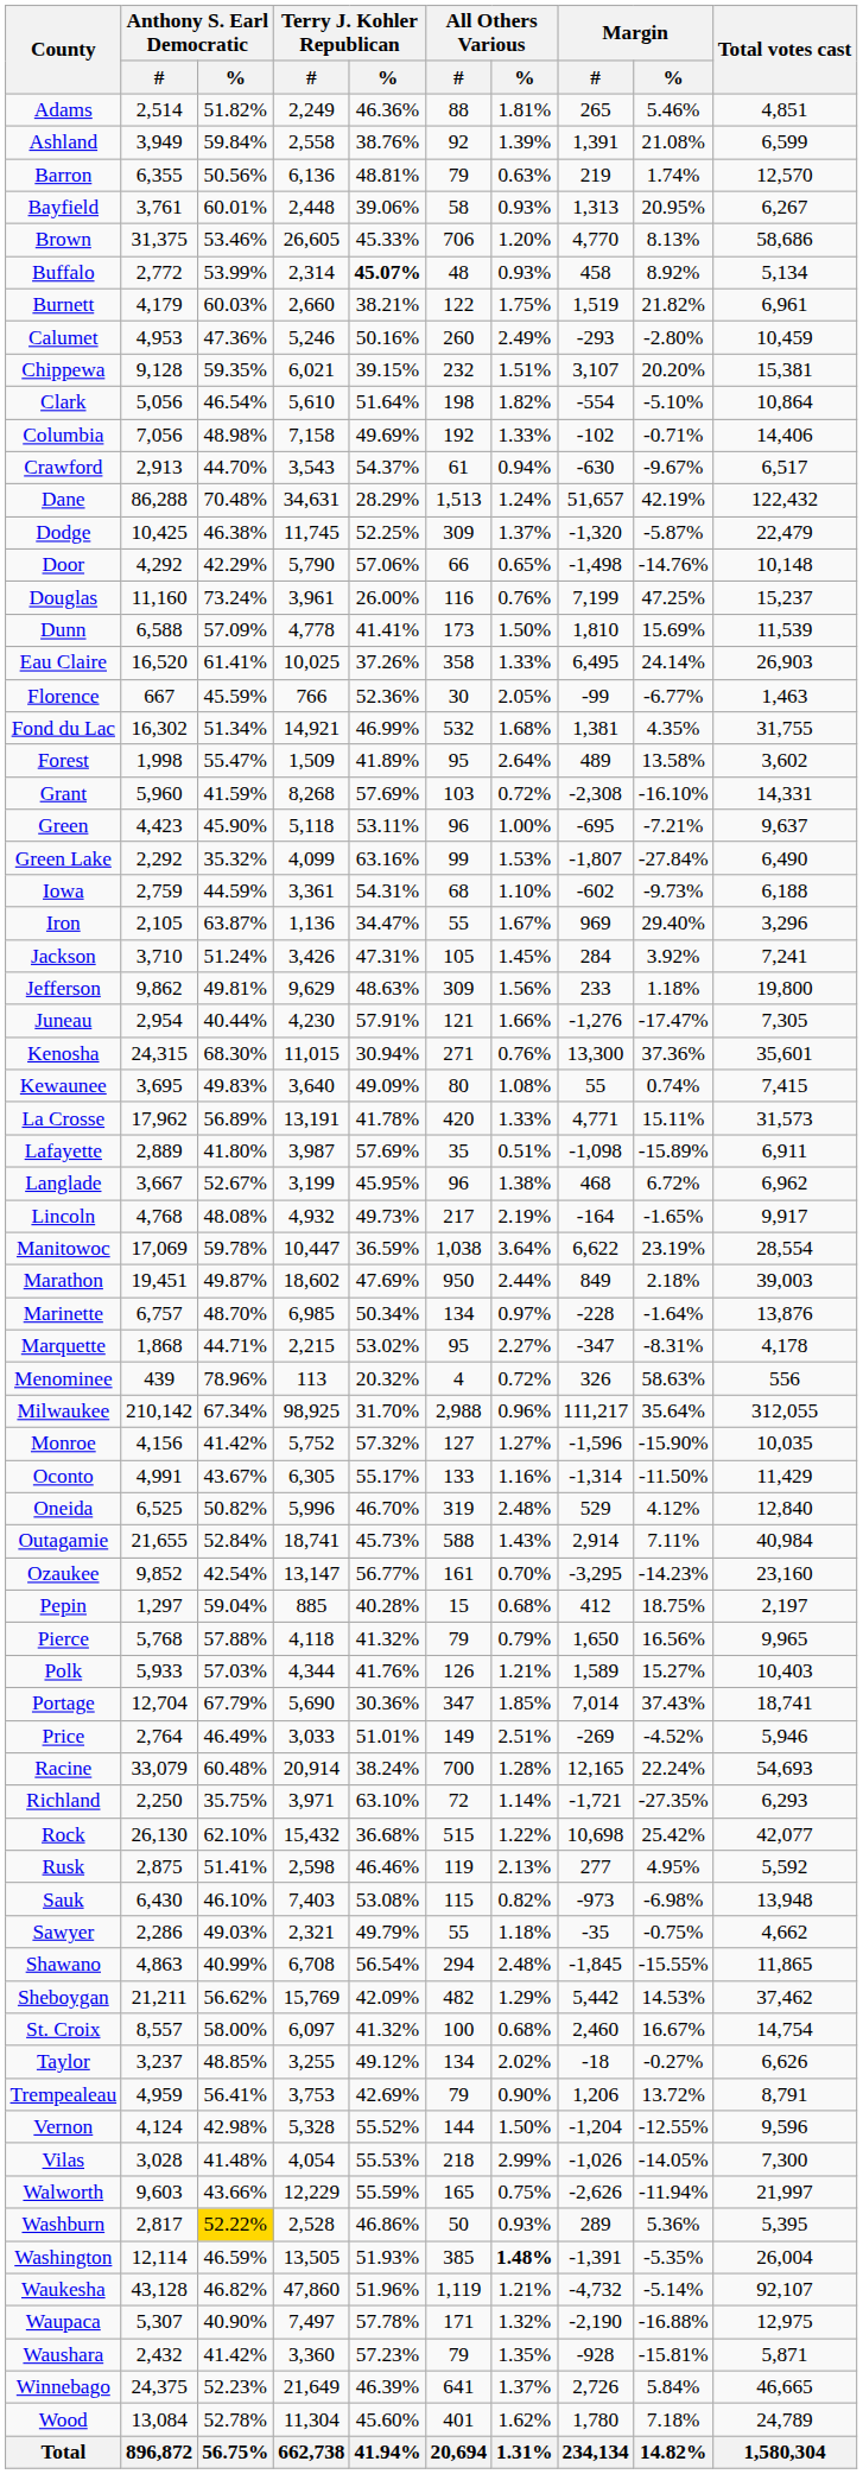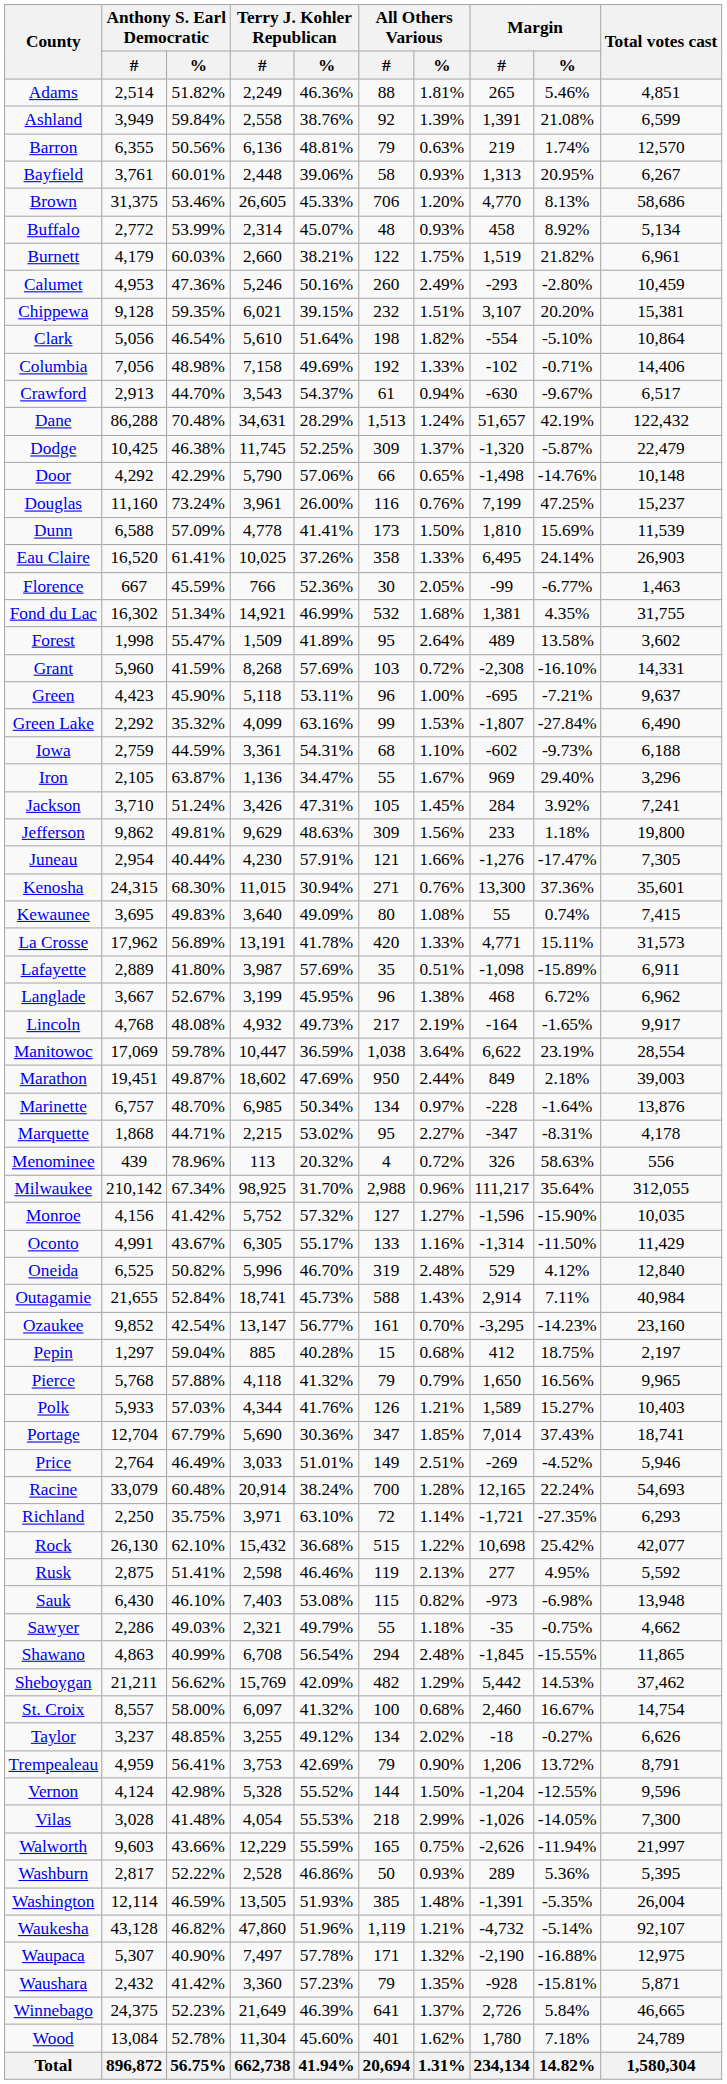 <table class="wikitable sortable" style="text-align:center">
 <tr>
 <th rowspan="2" style="text-align:center;">County</th>
 <th colspan="2" style="text-align:center;">Anthony S. Earl<br>Democratic</th>
 <th colspan="2" style="text-align:center;">Terry J. Kohler<br>Republican</th>
 <th colspan="2" style="text-align:center;">All Others<br>Various</th>
 <th colspan="2" style="text-align:center;">Margin</th>
 <th rowspan="2" style="text-align:center;">Total votes cast</th>
 </tr>
 <tr>
 <th style="text-align:center;" data-sort-type="number">#</th>
 <th style="text-align:center;" data-sort-type="number">%</th>
 <th style="text-align:center;" data-sort-type="number">#</th>
 <th style="text-align:center;" data-sort-type="number">%</th>
 <th style="text-align:center;" data-sort-type="number">#</th>
 <th style="text-align:center;" data-sort-type="number">%</th>
 <th style="text-align:center;" data-sort-type="number">#</th>
 <th style="text-align:center;" data-sort-type="number">%</th>
 </tr>
 <tr style="text-align:center;">
 <td><a href='#'>Adams</a></td>
 <td>2,514</td>
 <td>51.82%</td>
 <td>2,249</td>
 <td>46.36%</td>
 <td>88</td>
 <td>1.81%</td>
 <td>265</td>
 <td>5.46%</td>
 <td>4,851</td>
 </tr>
 <tr style="text-align:center;">
 <td><a href='#'>Ashland</a></td>
 <td>3,949</td>
 <td>59.84%</td>
 <td>2,558</td>
 <td>38.76%</td>
 <td>92</td>
 <td>1.39%</td>
 <td>1,391</td>
 <td>21.08%</td>
 <td>6,599</td>
 </tr>
 <tr style="text-align:center;">
 <td><a href='#'>Barron</a></td>
 <td>6,355</td>
 <td>50.56%</td>
 <td>6,136</td>
 <td>48.81%</td>
 <td>79</td>
 <td>0.63%</td>
 <td>219</td>
 <td>1.74%</td>
 <td>12,570</td>
 </tr>
 <tr style="text-align:center;">
 <td><a href='#'>Bayfield</a></td>
 <td>3,761</td>
 <td>60.01%</td>
 <td>2,448</td>
 <td>39.06%</td>
 <td>58</td>
 <td>0.93%</td>
 <td>1,313</td>
 <td>20.95%</td>
 <td>6,267</td>
 </tr>
 <tr style="text-align:center;">
 <td><a href='#'>Brown</a></td>
 <td>31,375</td>
 <td>53.46%</td>
 <td>26,605</td>
 <td>45.33%</td>
 <td>706</td>
 <td>1.20%</td>
 <td>4,770</td>
 <td>8.13%</td>
 <td>58,686</td>
 </tr>
 <tr style="text-align:center;">
 <td><a href='#'>Buffalo</a></td>
 <td>2,772</td>
 <td>53.99%</td>
 <td>2,314</td>
-<td><strong>45.07%</strong></td>
+<td>45.07%</td>
 <td>48</td>
 <td>0.93%</td>
 <td>458</td>
 <td>8.92%</td>
 <td>5,134</td>
 </tr>
 <tr style="text-align:center;">
 <td><a href='#'>Burnett</a></td>
 <td>4,179</td>
 <td>60.03%</td>
 <td>2,660</td>
 <td>38.21%</td>
 <td>122</td>
 <td>1.75%</td>
 <td>1,519</td>
 <td>21.82%</td>
 <td>6,961</td>
 </tr>
 <tr style="text-align:center;">
 <td><a href='#'>Calumet</a></td>
 <td>4,953</td>
 <td>47.36%</td>
 <td>5,246</td>
 <td>50.16%</td>
 <td>260</td>
 <td>2.49%</td>
 <td>-293</td>
 <td>-2.80%</td>
 <td>10,459</td>
 </tr>
 <tr style="text-align:center;">
 <td><a href='#'>Chippewa</a></td>
 <td>9,128</td>
 <td>59.35%</td>
 <td>6,021</td>
 <td>39.15%</td>
 <td>232</td>
 <td>1.51%</td>
 <td>3,107</td>
 <td>20.20%</td>
 <td>15,381</td>
 </tr>
 <tr style="text-align:center;">
 <td><a href='#'>Clark</a></td>
 <td>5,056</td>
 <td>46.54%</td>
 <td>5,610</td>
 <td>51.64%</td>
 <td>198</td>
 <td>1.82%</td>
 <td>-554</td>
 <td>-5.10%</td>
 <td>10,864</td>
 </tr>
 <tr style="text-align:center;">
 <td><a href='#'>Columbia</a></td>
 <td>7,056</td>
 <td>48.98%</td>
 <td>7,158</td>
 <td>49.69%</td>
 <td>192</td>
 <td>1.33%</td>
 <td>-102</td>
 <td>-0.71%</td>
 <td>14,406</td>
 </tr>
 <tr style="text-align:center;">
 <td><a href='#'>Crawford</a></td>
 <td>2,913</td>
 <td>44.70%</td>
 <td>3,543</td>
 <td>54.37%</td>
 <td>61</td>
 <td>0.94%</td>
 <td>-630</td>
 <td>-9.67%</td>
 <td>6,517</td>
 </tr>
 <tr style="text-align:center;">
 <td><a href='#'>Dane</a></td>
 <td>86,288</td>
 <td>70.48%</td>
 <td>34,631</td>
 <td>28.29%</td>
 <td>1,513</td>
 <td>1.24%</td>
 <td>51,657</td>
 <td>42.19%</td>
 <td>122,432</td>
 </tr>
 <tr style="text-align:center;">
 <td><a href='#'>Dodge</a></td>
 <td>10,425</td>
 <td>46.38%</td>
 <td>11,745</td>
 <td>52.25%</td>
 <td>309</td>
 <td>1.37%</td>
 <td>-1,320</td>
 <td>-5.87%</td>
 <td>22,479</td>
 </tr>
 <tr style="text-align:center;">
 <td><a href='#'>Door</a></td>
 <td>4,292</td>
 <td>42.29%</td>
 <td>5,790</td>
 <td>57.06%</td>
 <td>66</td>
 <td>0.65%</td>
 <td>-1,498</td>
 <td>-14.76%</td>
 <td>10,148</td>
 </tr>
 <tr style="text-align:center;">
 <td><a href='#'>Douglas</a></td>
 <td>11,160</td>
 <td>73.24%</td>
 <td>3,961</td>
 <td>26.00%</td>
 <td>116</td>
 <td>0.76%</td>
 <td>7,199</td>
 <td>47.25%</td>
 <td>15,237</td>
 </tr>
 <tr style="text-align:center;">
 <td><a href='#'>Dunn</a></td>
 <td>6,588</td>
 <td>57.09%</td>
 <td>4,778</td>
 <td>41.41%</td>
 <td>173</td>
 <td>1.50%</td>
 <td>1,810</td>
 <td>15.69%</td>
 <td>11,539</td>
 </tr>
 <tr style="text-align:center;">
 <td><a href='#'>Eau Claire</a></td>
 <td>16,520</td>
 <td>61.41%</td>
 <td>10,025</td>
 <td>37.26%</td>
 <td>358</td>
 <td>1.33%</td>
 <td>6,495</td>
 <td>24.14%</td>
 <td>26,903</td>
 </tr>
 <tr style="text-align:center;">
 <td><a href='#'>Florence</a></td>
 <td>667</td>
 <td>45.59%</td>
 <td>766</td>
 <td>52.36%</td>
 <td>30</td>
 <td>2.05%</td>
 <td>-99</td>
 <td>-6.77%</td>
 <td>1,463</td>
 </tr>
 <tr style="text-align:center;">
 <td><a href='#'>Fond du Lac</a></td>
 <td>16,302</td>
 <td>51.34%</td>
 <td>14,921</td>
 <td>46.99%</td>
 <td>532</td>
 <td>1.68%</td>
 <td>1,381</td>
 <td>4.35%</td>
 <td>31,755</td>
 </tr>
 <tr style="text-align:center;">
 <td><a href='#'>Forest</a></td>
 <td>1,998</td>
 <td>55.47%</td>
 <td>1,509</td>
 <td>41.89%</td>
 <td>95</td>
 <td>2.64%</td>
 <td>489</td>
 <td>13.58%</td>
 <td>3,602</td>
 </tr>
 <tr style="text-align:center;">
 <td><a href='#'>Grant</a></td>
 <td>5,960</td>
 <td>41.59%</td>
 <td>8,268</td>
 <td>57.69%</td>
 <td>103</td>
 <td>0.72%</td>
 <td>-2,308</td>
 <td>-16.10%</td>
 <td>14,331</td>
 </tr>
 <tr style="text-align:center;">
 <td><a href='#'>Green</a></td>
 <td>4,423</td>
 <td>45.90%</td>
 <td>5,118</td>
 <td>53.11%</td>
 <td>96</td>
 <td>1.00%</td>
 <td>-695</td>
 <td>-7.21%</td>
 <td>9,637</td>
 </tr>
 <tr style="text-align:center;">
 <td><a href='#'>Green Lake</a></td>
 <td>2,292</td>
 <td>35.32%</td>
 <td>4,099</td>
 <td>63.16%</td>
 <td>99</td>
 <td>1.53%</td>
 <td>-1,807</td>
 <td>-27.84%</td>
 <td>6,490</td>
 </tr>
 <tr style="text-align:center;">
 <td><a href='#'>Iowa</a></td>
 <td>2,759</td>
 <td>44.59%</td>
 <td>3,361</td>
 <td>54.31%</td>
 <td>68</td>
 <td>1.10%</td>
 <td>-602</td>
 <td>-9.73%</td>
 <td>6,188</td>
 </tr>
 <tr style="text-align:center;">
 <td><a href='#'>Iron</a></td>
 <td>2,105</td>
 <td>63.87%</td>
 <td>1,136</td>
 <td>34.47%</td>
 <td>55</td>
 <td>1.67%</td>
 <td>969</td>
 <td>29.40%</td>
 <td>3,296</td>
 </tr>
 <tr style="text-align:center;">
 <td><a href='#'>Jackson</a></td>
 <td>3,710</td>
 <td>51.24%</td>
 <td>3,426</td>
 <td>47.31%</td>
 <td>105</td>
 <td>1.45%</td>
 <td>284</td>
 <td>3.92%</td>
 <td>7,241</td>
 </tr>
 <tr style="text-align:center;">
 <td><a href='#'>Jefferson</a></td>
 <td>9,862</td>
 <td>49.81%</td>
 <td>9,629</td>
 <td>48.63%</td>
 <td>309</td>
 <td>1.56%</td>
 <td>233</td>
 <td>1.18%</td>
 <td>19,800</td>
 </tr>
 <tr style="text-align:center;">
 <td><a href='#'>Juneau</a></td>
 <td>2,954</td>
 <td>40.44%</td>
 <td>4,230</td>
 <td>57.91%</td>
 <td>121</td>
 <td>1.66%</td>
 <td>-1,276</td>
 <td>-17.47%</td>
 <td>7,305</td>
 </tr>
 <tr style="text-align:center;">
 <td><a href='#'>Kenosha</a></td>
 <td>24,315</td>
 <td>68.30%</td>
 <td>11,015</td>
 <td>30.94%</td>
 <td>271</td>
 <td>0.76%</td>
 <td>13,300</td>
 <td>37.36%</td>
 <td>35,601</td>
 </tr>
 <tr style="text-align:center;">
 <td><a href='#'>Kewaunee</a></td>
 <td>3,695</td>
 <td>49.83%</td>
 <td>3,640</td>
 <td>49.09%</td>
 <td>80</td>
 <td>1.08%</td>
 <td>55</td>
 <td>0.74%</td>
 <td>7,415</td>
 </tr>
 <tr style="text-align:center;">
 <td><a href='#'>La Crosse</a></td>
 <td>17,962</td>
 <td>56.89%</td>
 <td>13,191</td>
 <td>41.78%</td>
 <td>420</td>
 <td>1.33%</td>
 <td>4,771</td>
 <td>15.11%</td>
 <td>31,573</td>
 </tr>
 <tr style="text-align:center;">
 <td><a href='#'>Lafayette</a></td>
 <td>2,889</td>
 <td>41.80%</td>
 <td>3,987</td>
 <td>57.69%</td>
 <td>35</td>
 <td>0.51%</td>
 <td>-1,098</td>
 <td>-15.89%</td>
 <td>6,911</td>
 </tr>
 <tr style="text-align:center;">
 <td><a href='#'>Langlade</a></td>
 <td>3,667</td>
 <td>52.67%</td>
 <td>3,199</td>
 <td>45.95%</td>
 <td>96</td>
 <td>1.38%</td>
 <td>468</td>
 <td>6.72%</td>
 <td>6,962</td>
 </tr>
 <tr style="text-align:center;">
 <td><a href='#'>Lincoln</a></td>
 <td>4,768</td>
 <td>48.08%</td>
 <td>4,932</td>
 <td>49.73%</td>
 <td>217</td>
 <td>2.19%</td>
 <td>-164</td>
 <td>-1.65%</td>
 <td>9,917</td>
 </tr>
 <tr style="text-align:center;">
 <td><a href='#'>Manitowoc</a></td>
 <td>17,069</td>
 <td>59.78%</td>
 <td>10,447</td>
 <td>36.59%</td>
 <td>1,038</td>
 <td>3.64%</td>
 <td>6,622</td>
 <td>23.19%</td>
 <td>28,554</td>
 </tr>
 <tr style="text-align:center;">
 <td><a href='#'>Marathon</a></td>
 <td>19,451</td>
 <td>49.87%</td>
 <td>18,602</td>
 <td>47.69%</td>
 <td>950</td>
 <td>2.44%</td>
 <td>849</td>
 <td>2.18%</td>
 <td>39,003</td>
 </tr>
 <tr style="text-align:center;">
 <td><a href='#'>Marinette</a></td>
 <td>6,757</td>
 <td>48.70%</td>
 <td>6,985</td>
 <td>50.34%</td>
 <td>134</td>
 <td>0.97%</td>
 <td>-228</td>
 <td>-1.64%</td>
 <td>13,876</td>
 </tr>
 <tr style="text-align:center;">
 <td><a href='#'>Marquette</a></td>
 <td>1,868</td>
 <td>44.71%</td>
 <td>2,215</td>
 <td>53.02%</td>
 <td>95</td>
 <td>2.27%</td>
 <td>-347</td>
 <td>-8.31%</td>
 <td>4,178</td>
 </tr>
 <tr style="text-align:center;">
 <td><a href='#'>Menominee</a></td>
 <td>439</td>
 <td>78.96%</td>
 <td>113</td>
 <td>20.32%</td>
 <td>4</td>
 <td>0.72%</td>
 <td>326</td>
 <td>58.63%</td>
 <td>556</td>
 </tr>
 <tr style="text-align:center;">
 <td><a href='#'>Milwaukee</a></td>
 <td>210,142</td>
 <td>67.34%</td>
 <td>98,925</td>
 <td>31.70%</td>
 <td>2,988</td>
 <td>0.96%</td>
 <td>111,217</td>
 <td>35.64%</td>
 <td>312,055</td>
 </tr>
 <tr style="text-align:center;">
 <td><a href='#'>Monroe</a></td>
 <td>4,156</td>
 <td>41.42%</td>
 <td>5,752</td>
 <td>57.32%</td>
 <td>127</td>
 <td>1.27%</td>
 <td>-1,596</td>
 <td>-15.90%</td>
 <td>10,035</td>
 </tr>
 <tr style="text-align:center;">
 <td><a href='#'>Oconto</a></td>
 <td>4,991</td>
 <td>43.67%</td>
 <td>6,305</td>
 <td>55.17%</td>
 <td>133</td>
 <td>1.16%</td>
 <td>-1,314</td>
 <td>-11.50%</td>
 <td>11,429</td>
 </tr>
 <tr style="text-align:center;">
 <td><a href='#'>Oneida</a></td>
 <td>6,525</td>
 <td>50.82%</td>
 <td>5,996</td>
 <td>46.70%</td>
 <td>319</td>
 <td>2.48%</td>
 <td>529</td>
 <td>4.12%</td>
 <td>12,840</td>
 </tr>
 <tr style="text-align:center;">
 <td><a href='#'>Outagamie</a></td>
 <td>21,655</td>
 <td>52.84%</td>
 <td>18,741</td>
 <td>45.73%</td>
 <td>588</td>
 <td>1.43%</td>
 <td>2,914</td>
 <td>7.11%</td>
 <td>40,984</td>
 </tr>
 <tr style="text-align:center;">
 <td><a href='#'>Ozaukee</a></td>
 <td>9,852</td>
 <td>42.54%</td>
 <td>13,147</td>
 <td>56.77%</td>
 <td>161</td>
 <td>0.70%</td>
 <td>-3,295</td>
 <td>-14.23%</td>
 <td>23,160</td>
 </tr>
 <tr style="text-align:center;">
 <td><a href='#'>Pepin</a></td>
 <td>1,297</td>
 <td>59.04%</td>
 <td>885</td>
 <td>40.28%</td>
 <td>15</td>
 <td>0.68%</td>
 <td>412</td>
 <td>18.75%</td>
 <td>2,197</td>
 </tr>
 <tr style="text-align:center;">
 <td><a href='#'>Pierce</a></td>
 <td>5,768</td>
 <td>57.88%</td>
 <td>4,118</td>
 <td>41.32%</td>
 <td>79</td>
 <td>0.79%</td>
 <td>1,650</td>
 <td>16.56%</td>
 <td>9,965</td>
 </tr>
 <tr style="text-align:center;">
 <td><a href='#'>Polk</a></td>
 <td>5,933</td>
 <td>57.03%</td>
 <td>4,344</td>
 <td>41.76%</td>
 <td>126</td>
 <td>1.21%</td>
 <td>1,589</td>
 <td>15.27%</td>
 <td>10,403</td>
 </tr>
 <tr style="text-align:center;">
 <td><a href='#'>Portage</a></td>
 <td>12,704</td>
 <td>67.79%</td>
 <td>5,690</td>
 <td>30.36%</td>
 <td>347</td>
 <td>1.85%</td>
 <td>7,014</td>
 <td>37.43%</td>
 <td>18,741</td>
 </tr>
 <tr style="text-align:center;">
 <td><a href='#'>Price</a></td>
 <td>2,764</td>
 <td>46.49%</td>
 <td>3,033</td>
 <td>51.01%</td>
 <td>149</td>
 <td>2.51%</td>
 <td>-269</td>
 <td>-4.52%</td>
 <td>5,946</td>
 </tr>
 <tr style="text-align:center;">
 <td><a href='#'>Racine</a></td>
 <td>33,079</td>
 <td>60.48%</td>
 <td>20,914</td>
 <td>38.24%</td>
 <td>700</td>
 <td>1.28%</td>
 <td>12,165</td>
 <td>22.24%</td>
 <td>54,693</td>
 </tr>
 <tr style="text-align:center;">
 <td><a href='#'>Richland</a></td>
 <td>2,250</td>
 <td>35.75%</td>
 <td>3,971</td>
 <td>63.10%</td>
 <td>72</td>
 <td>1.14%</td>
 <td>-1,721</td>
 <td>-27.35%</td>
 <td>6,293</td>
 </tr>
 <tr style="text-align:center;">
 <td><a href='#'>Rock</a></td>
 <td>26,130</td>
 <td>62.10%</td>
 <td>15,432</td>
 <td>36.68%</td>
 <td>515</td>
 <td>1.22%</td>
 <td>10,698</td>
 <td>25.42%</td>
 <td>42,077</td>
 </tr>
 <tr style="text-align:center;">
 <td><a href='#'>Rusk</a></td>
 <td>2,875</td>
 <td>51.41%</td>
 <td>2,598</td>
 <td>46.46%</td>
 <td>119</td>
 <td>2.13%</td>
 <td>277</td>
 <td>4.95%</td>
 <td>5,592</td>
 </tr>
 <tr style="text-align:center;">
 <td><a href='#'>Sauk</a></td>
 <td>6,430</td>
 <td>46.10%</td>
 <td>7,403</td>
 <td>53.08%</td>
 <td>115</td>
 <td>0.82%</td>
 <td>-973</td>
 <td>-6.98%</td>
 <td>13,948</td>
 </tr>
 <tr style="text-align:center;">
 <td><a href='#'>Sawyer</a></td>
 <td>2,286</td>
 <td>49.03%</td>
 <td>2,321</td>
 <td>49.79%</td>
 <td>55</td>
 <td>1.18%</td>
 <td>-35</td>
 <td>-0.75%</td>
 <td>4,662</td>
 </tr>
 <tr style="text-align:center;">
 <td><a href='#'>Shawano</a></td>
 <td>4,863</td>
 <td>40.99%</td>
 <td>6,708</td>
 <td>56.54%</td>
 <td>294</td>
 <td>2.48%</td>
 <td>-1,845</td>
 <td>-15.55%</td>
 <td>11,865</td>
 </tr>
 <tr style="text-align:center;">
 <td><a href='#'>Sheboygan</a></td>
 <td>21,211</td>
 <td>56.62%</td>
 <td>15,769</td>
 <td>42.09%</td>
 <td>482</td>
 <td>1.29%</td>
 <td>5,442</td>
 <td>14.53%</td>
 <td>37,462</td>
 </tr>
 <tr style="text-align:center;">
 <td><a href='#'>St. Croix</a></td>
 <td>8,557</td>
 <td>58.00%</td>
 <td>6,097</td>
 <td>41.32%</td>
 <td>100</td>
 <td>0.68%</td>
 <td>2,460</td>
 <td>16.67%</td>
 <td>14,754</td>
 </tr>
 <tr style="text-align:center;">
 <td><a href='#'>Taylor</a></td>
 <td>3,237</td>
 <td>48.85%</td>
 <td>3,255</td>
 <td>49.12%</td>
 <td>134</td>
 <td>2.02%</td>
 <td>-18</td>
 <td>-0.27%</td>
 <td>6,626</td>
 </tr>
 <tr style="text-align:center;">
 <td><a href='#'>Trempealeau</a></td>
 <td>4,959</td>
 <td>56.41%</td>
 <td>3,753</td>
 <td>42.69%</td>
 <td>79</td>
 <td>0.90%</td>
 <td>1,206</td>
 <td>13.72%</td>
 <td>8,791</td>
 </tr>
 <tr style="text-align:center;">
 <td><a href='#'>Vernon</a></td>
 <td>4,124</td>
 <td>42.98%</td>
 <td>5,328</td>
 <td>55.52%</td>
 <td>144</td>
 <td>1.50%</td>
 <td>-1,204</td>
 <td>-12.55%</td>
 <td>9,596</td>
 </tr>
 <tr style="text-align:center;">
 <td><a href='#'>Vilas</a></td>
 <td>3,028</td>
 <td>41.48%</td>
 <td>4,054</td>
 <td>55.53%</td>
 <td>218</td>
 <td>2.99%</td>
 <td>-1,026</td>
 <td>-14.05%</td>
 <td>7,300</td>
 </tr>
 <tr style="text-align:center;">
 <td><a href='#'>Walworth</a></td>
 <td>9,603</td>
 <td>43.66%</td>
 <td>12,229</td>
 <td>55.59%</td>
 <td>165</td>
 <td>0.75%</td>
 <td>-2,626</td>
 <td>-11.94%</td>
 <td>21,997</td>
 </tr>
 <tr style="text-align:center;">
 <td><a href='#'>Washburn</a></td>
 <td>2,817</td>
-<td style="background: gold;">52.22%</td>
+<td>52.22%</td>
 <td>2,528</td>
 <td>46.86%</td>
 <td>50</td>
 <td>0.93%</td>
 <td>289</td>
 <td>5.36%</td>
 <td>5,395</td>
 </tr>
 <tr style="text-align:center;">
 <td><a href='#'>Washington</a></td>
 <td>12,114</td>
 <td>46.59%</td>
 <td>13,505</td>
 <td>51.93%</td>
 <td>385</td>
-<td><strong>1.48%</strong></td>
+<td>1.48%</td>
 <td>-1,391</td>
 <td>-5.35%</td>
 <td>26,004</td>
 </tr>
 <tr style="text-align:center;">
 <td><a href='#'>Waukesha</a></td>
 <td>43,128</td>
 <td>46.82%</td>
 <td>47,860</td>
 <td>51.96%</td>
 <td>1,119</td>
 <td>1.21%</td>
 <td>-4,732</td>
 <td>-5.14%</td>
 <td>92,107</td>
 </tr>
 <tr style="text-align:center;">
 <td><a href='#'>Waupaca</a></td>
 <td>5,307</td>
 <td>40.90%</td>
 <td>7,497</td>
 <td>57.78%</td>
 <td>171</td>
 <td>1.32%</td>
 <td>-2,190</td>
 <td>-16.88%</td>
 <td>12,975</td>
 </tr>
 <tr style="text-align:center;">
 <td><a href='#'>Waushara</a></td>
 <td>2,432</td>
 <td>41.42%</td>
 <td>3,360</td>
 <td>57.23%</td>
 <td>79</td>
 <td>1.35%</td>
 <td>-928</td>
 <td>-15.81%</td>
 <td>5,871</td>
 </tr>
 <tr style="text-align:center;">
 <td><a href='#'>Winnebago</a></td>
 <td>24,375</td>
 <td>52.23%</td>
 <td>21,649</td>
 <td>46.39%</td>
 <td>641</td>
 <td>1.37%</td>
 <td>2,726</td>
 <td>5.84%</td>
 <td>46,665</td>
 </tr>
 <tr style="text-align:center;">
 <td><a href='#'>Wood</a></td>
 <td>13,084</td>
 <td>52.78%</td>
 <td>11,304</td>
 <td>45.60%</td>
 <td>401</td>
 <td>1.62%</td>
 <td>1,780</td>
 <td>7.18%</td>
 <td>24,789</td>
 </tr>
 <tr>
 <th>Total</th>
 <th>896,872</th>
 <th>56.75%</th>
 <th>662,738</th>
 <th>41.94%</th>
 <th>20,694</th>
 <th>1.31%</th>
 <th>234,134</th>
 <th>14.82%</th>
 <th>1,580,304</th>
 </tr>
 </table>
